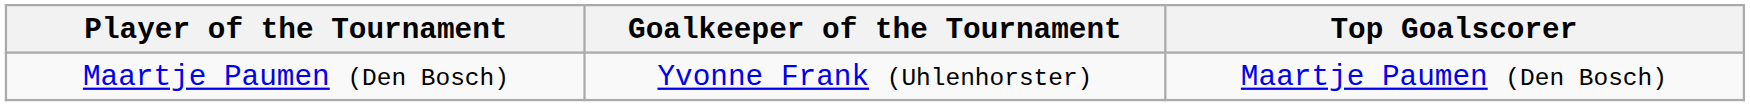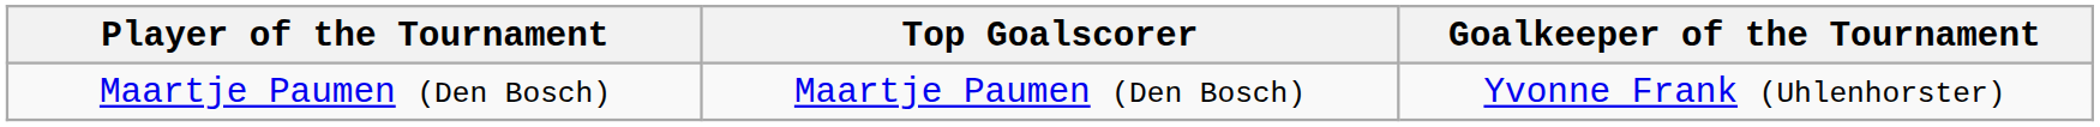 <table class=wikitable style="margin:auto; text-align:center">
 <tr>
 <th style="width: 250px;">Player of the Tournament</th>
+<th style="width: 250px;">Top Goalscorer</th>
 <th style="width: 250px;">Goalkeeper of the Tournament</th>
-<th style="width: 250px;">Top Goalscorer</th>
 </tr>
 <tr>
 <td> <a href='#'>Maartje Paumen</a> <small>(Den Bosch)</small></td>
+<td> <a href='#'>Maartje Paumen</a> <small>(Den Bosch)</small></td>
 <td> <a href='#'>Yvonne Frank</a> <small>(Uhlenhorster)</small></td>
-<td> <a href='#'>Maartje Paumen</a> <small>(Den Bosch)</small></td>
 </tr>
 </table>
